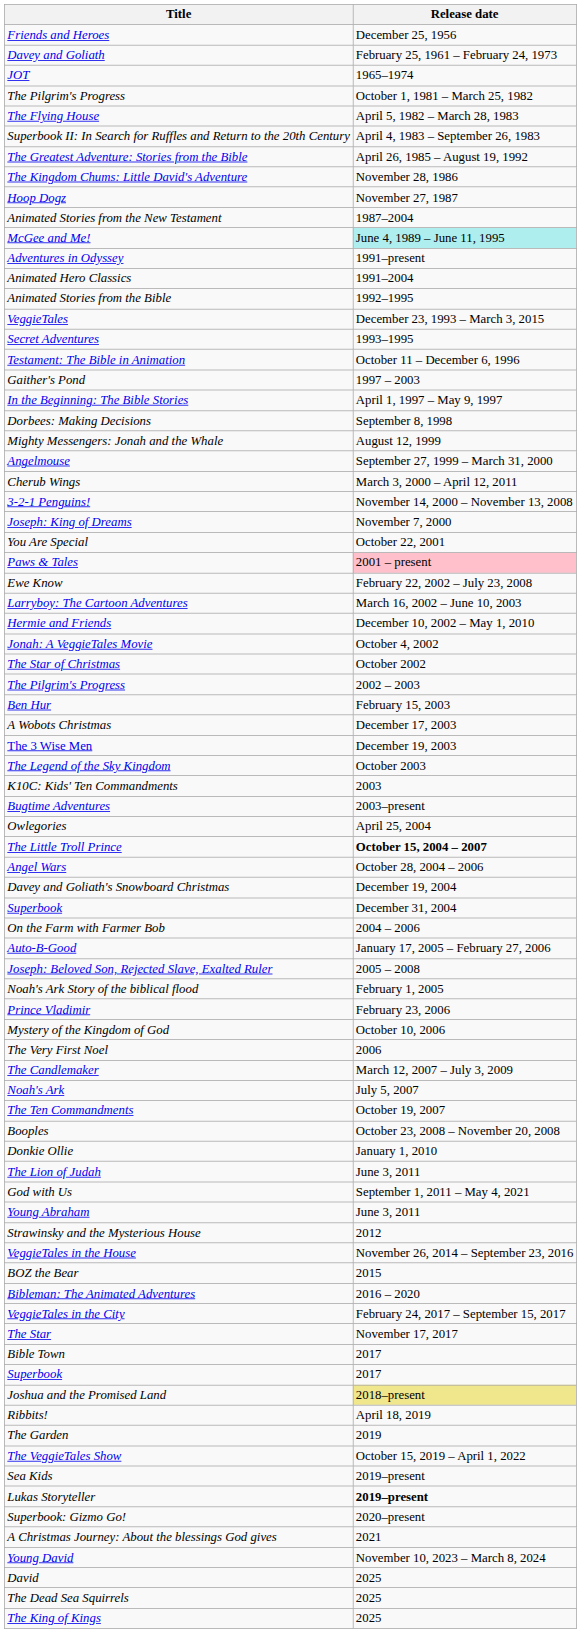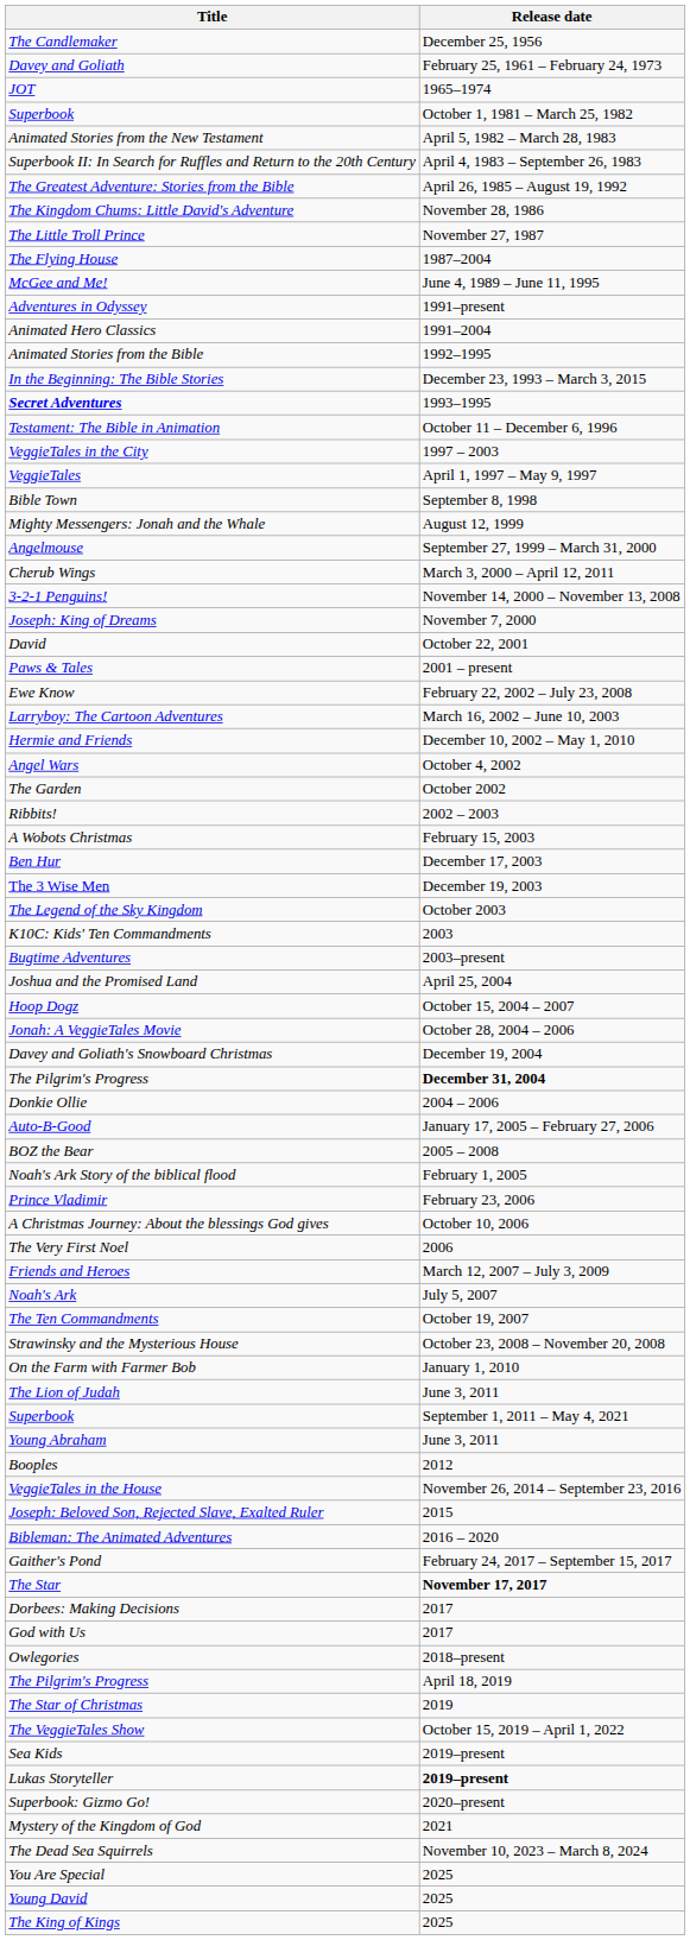 <table class="wikitable sortable">
 <tr>
 <th>Title</th>
 <th>Release date</th>
 </tr>
 <tr>
-<td><em><a href='#'>Friends and Heroes</a></em></td>
+<td><em><a href='#'>The Candlemaker</a></em></td>
 <td>December 25, 1956</td>
 </tr>
 <tr>
 <td><em><a href='#'>Davey and Goliath</a></em></td>
 <td>February 25, 1961 – February 24, 1973</td>
 </tr>
 <tr>
 <td><em><a href='#'>JOT</a></em></td>
 <td>1965–1974</td>
 </tr>
 <tr>
-<td><em>The Pilgrim's Progress</em></td>
+<td><em><a href='#'>Superbook</a></em></td>
 <td>October 1, 1981 – March 25, 1982</td>
 </tr>
 <tr>
-<td><em><a href='#'>The Flying House</a></em></td>
+<td><em>Animated Stories from the New Testament</em></td>
 <td>April 5, 1982 – March 28, 1983</td>
 </tr>
 <tr>
 <td><em>Superbook II: In Search for Ruffles and Return to the 20th Century</em></td>
 <td>April 4, 1983 – September 26, 1983</td>
 </tr>
 <tr>
 <td><em><a href='#'>The Greatest Adventure: Stories from the Bible</a></em></td>
 <td>April 26, 1985 – August 19, 1992</td>
 </tr>
 <tr>
 <td><em><a href='#'>The Kingdom Chums: Little David's Adventure</a></em></td>
 <td>November 28, 1986</td>
 </tr>
 <tr>
-<td><em><a href='#'>Hoop Dogz</a></em></td>
+<td><em><a href='#'>The Little Troll Prince</a></em></td>
 <td>November 27, 1987</td>
 </tr>
 <tr>
-<td><em>Animated Stories from the New Testament</em></td>
+<td><em><a href='#'>The Flying House</a></em></td>
 <td>1987–2004</td>
 </tr>
 <tr>
 <td><em><a href='#'>McGee and Me!</a></em></td>
-<td style="background: paleturquoise;">June 4, 1989 – June 11, 1995</td>
+<td>June 4, 1989 – June 11, 1995</td>
 </tr>
 <tr>
 <td><em><a href='#'>Adventures in Odyssey</a></em></td>
 <td>1991–present</td>
 </tr>
 <tr>
 <td><em>Animated Hero Classics</em></td>
 <td>1991–2004</td>
 </tr>
 <tr>
 <td><em>Animated Stories from the Bible</em></td>
 <td>1992–1995</td>
 </tr>
 <tr>
-<td><em><a href='#'>VeggieTales</a></em></td>
+<td><em><a href='#'>In the Beginning: The Bible Stories</a></em></td>
 <td>December 23, 1993 – March 3, 2015</td>
 </tr>
 <tr>
-<td><em><a href='#'>Secret Adventures</a></em></td>
+<td><strong><em><a href='#'>Secret Adventures</a></em></strong></td>
 <td>1993–1995</td>
 </tr>
 <tr>
 <td><em><a href='#'>Testament: The Bible in Animation</a></em></td>
 <td>October 11 – December 6, 1996</td>
 </tr>
 <tr>
-<td><em>Gaither's Pond</em></td>
+<td><em><a href='#'>VeggieTales in the City</a></em></td>
 <td>1997 – 2003</td>
 </tr>
 <tr>
-<td><em><a href='#'>In the Beginning: The Bible Stories</a></em></td>
+<td><em><a href='#'>VeggieTales</a></em></td>
 <td>April 1, 1997 – May 9, 1997</td>
 </tr>
 <tr>
-<td><em>Dorbees: Making Decisions</em></td>
+<td><em>Bible Town</em></td>
 <td>September 8, 1998</td>
 </tr>
 <tr>
 <td><em>Mighty Messengers: Jonah and the Whale</em></td>
 <td>August 12, 1999</td>
 </tr>
 <tr>
 <td><em><a href='#'>Angelmouse</a></em></td>
 <td>September 27, 1999 – March 31, 2000</td>
 </tr>
 <tr>
 <td><em>Cherub Wings</em></td>
 <td>March 3, 2000 – April 12, 2011</td>
 </tr>
 <tr>
 <td><em><a href='#'>3-2-1 Penguins!</a></em></td>
 <td>November 14, 2000 – November 13, 2008</td>
 </tr>
 <tr>
 <td><em><a href='#'>Joseph: King of Dreams</a></em></td>
 <td>November 7, 2000</td>
 </tr>
 <tr>
-<td><em>You Are Special</em></td>
+<td><em>David</em></td>
 <td>October 22, 2001</td>
 </tr>
 <tr>
 <td><em><a href='#'>Paws & Tales</a></em></td>
-<td style="background: pink;">2001 – present</td>
+<td>2001 – present</td>
 </tr>
 <tr>
 <td><em>Ewe Know</em></td>
 <td>February 22, 2002 – July 23, 2008</td>
 </tr>
 <tr>
 <td><em><a href='#'>Larryboy: The Cartoon Adventures</a></em></td>
 <td>March 16, 2002 – June 10, 2003</td>
 </tr>
 <tr>
 <td><em><a href='#'>Hermie and Friends</a></em></td>
 <td>December 10, 2002 – May 1, 2010</td>
 </tr>
 <tr>
-<td><em><a href='#'>Jonah: A VeggieTales Movie</a></em></td>
+<td><em><a href='#'>Angel Wars</a></em></td>
 <td>October 4, 2002</td>
 </tr>
 <tr>
-<td><em><a href='#'>The Star of Christmas</a></em></td>
+<td><em>The Garden</em></td>
 <td>October 2002</td>
 </tr>
 <tr>
-<td><em><a href='#'>The Pilgrim's Progress</a></em></td>
+<td><em>Ribbits!</em></td>
 <td>2002 – 2003</td>
 </tr>
 <tr>
-<td><em><a href='#'>Ben Hur</a></em></td>
+<td><em>A Wobots Christmas</em></td>
 <td>February 15, 2003</td>
 </tr>
 <tr>
-<td><em>A Wobots Christmas</em></td>
+<td><em><a href='#'>Ben Hur</a></em></td>
 <td>December 17, 2003</td>
 </tr>
 <tr>
 <td><a href='#'>The 3 Wise Men</a></td>
 <td>December 19, 2003</td>
 </tr>
 <tr>
 <td><em><a href='#'>The Legend of the Sky Kingdom</a></em></td>
 <td>October 2003</td>
 </tr>
 <tr>
 <td><em>K10C: Kids' Ten Commandments</em></td>
 <td>2003</td>
 </tr>
 <tr>
 <td><em><a href='#'>Bugtime Adventures</a></em></td>
 <td>2003–present</td>
 </tr>
 <tr>
-<td><em>Owlegories</em></td>
+<td><em>Joshua and the Promised Land</em></td>
 <td>April 25, 2004</td>
 </tr>
 <tr>
-<td><em><a href='#'>The Little Troll Prince</a></em></td>
-<td><strong>October 15, 2004 – 2007</strong></td>
+<td><em><a href='#'>Hoop Dogz</a></em></td>
+<td>October 15, 2004 – 2007</td>
 </tr>
 <tr>
-<td><em><a href='#'>Angel Wars</a></em></td>
+<td><em><a href='#'>Jonah: A VeggieTales Movie</a></em></td>
 <td>October 28, 2004 – 2006</td>
 </tr>
 <tr>
 <td><em>Davey and Goliath's Snowboard Christmas</em></td>
 <td>December 19, 2004</td>
 </tr>
 <tr>
-<td><em><a href='#'>Superbook</a></em></td>
-<td>December 31, 2004</td>
+<td><em>The Pilgrim's Progress</em></td>
+<td><strong>December 31, 2004</strong></td>
 </tr>
 <tr>
-<td><em>On the Farm with Farmer Bob</em></td>
+<td><em>Donkie Ollie</em></td>
 <td>2004 – 2006</td>
 </tr>
 <tr>
 <td><em><a href='#'>Auto-B-Good</a></em></td>
 <td>January 17, 2005 – February 27, 2006</td>
 </tr>
 <tr>
-<td><em><a href='#'>Joseph: Beloved Son, Rejected Slave, Exalted Ruler</a></em></td>
+<td><em>BOZ the Bear</em></td>
 <td>2005 – 2008</td>
 </tr>
 <tr>
 <td><em>Noah's Ark Story of the biblical flood</em></td>
 <td>February 1, 2005</td>
 </tr>
 <tr>
 <td><em><a href='#'>Prince Vladimir</a></em></td>
 <td>February 23, 2006</td>
 </tr>
 <tr>
-<td><em>Mystery of the Kingdom of God</em></td>
+<td><em>A Christmas Journey: About the blessings God gives</em></td>
 <td>October 10, 2006</td>
 </tr>
 <tr>
 <td><em>The Very First Noel</em></td>
 <td>2006</td>
 </tr>
 <tr>
-<td><em><a href='#'>The Candlemaker</a></em></td>
+<td><em><a href='#'>Friends and Heroes</a></em></td>
 <td>March 12, 2007 – July 3, 2009</td>
 </tr>
 <tr>
 <td><em><a href='#'>Noah's Ark</a></em></td>
 <td>July 5, 2007</td>
 </tr>
 <tr>
 <td><em><a href='#'>The Ten Commandments</a></em></td>
 <td>October 19, 2007</td>
 </tr>
 <tr>
-<td><em>Booples</em></td>
+<td><em>Strawinsky and the Mysterious House</em></td>
 <td>October 23, 2008 – November 20, 2008</td>
 </tr>
 <tr>
-<td><em>Donkie Ollie</em></td>
+<td><em>On the Farm with Farmer Bob</em></td>
 <td>January 1, 2010</td>
 </tr>
 <tr>
 <td><em><a href='#'>The Lion of Judah</a></em></td>
 <td>June 3, 2011</td>
 </tr>
 <tr>
-<td><em>God with Us</em></td>
+<td><em><a href='#'>Superbook</a></em></td>
 <td>September 1, 2011 – May 4, 2021</td>
 </tr>
 <tr>
 <td><em><a href='#'>Young Abraham</a></em></td>
 <td>June 3, 2011</td>
 </tr>
 <tr>
-<td><em>Strawinsky and the Mysterious House</em></td>
+<td><em>Booples</em></td>
 <td>2012</td>
 </tr>
 <tr>
 <td><em><a href='#'>VeggieTales in the House</a></em></td>
 <td>November 26, 2014 – September 23, 2016</td>
 </tr>
 <tr>
-<td><em>BOZ the Bear</em></td>
+<td><em><a href='#'>Joseph: Beloved Son, Rejected Slave, Exalted Ruler</a></em></td>
 <td>2015</td>
 </tr>
 <tr>
 <td><em><a href='#'>Bibleman: The Animated Adventures</a></em></td>
 <td>2016 – 2020</td>
 </tr>
 <tr>
-<td><em><a href='#'>VeggieTales in the City</a></em></td>
+<td><em>Gaither's Pond</em></td>
 <td>February 24, 2017 – September 15, 2017</td>
 </tr>
 <tr>
 <td><em><a href='#'>The Star</a></em></td>
-<td>November 17, 2017</td>
+<td><strong>November 17, 2017</strong></td>
 </tr>
 <tr>
-<td><em>Bible Town</em></td>
+<td><em>Dorbees: Making Decisions</em></td>
 <td>2017</td>
 </tr>
 <tr>
-<td><em><a href='#'>Superbook</a></em></td>
+<td><em>God with Us</em></td>
 <td>2017</td>
 </tr>
 <tr>
-<td><em>Joshua and the Promised Land</em></td>
-<td style="background: khaki;">2018–present</td>
+<td><em>Owlegories</em></td>
+<td>2018–present</td>
 </tr>
 <tr>
-<td><em>Ribbits!</em></td>
+<td><em><a href='#'>The Pilgrim's Progress</a></em></td>
 <td>April 18, 2019</td>
 </tr>
 <tr>
-<td><em>The Garden</em></td>
+<td><em><a href='#'>The Star of Christmas</a></em></td>
 <td>2019</td>
 </tr>
 <tr>
 <td><em><a href='#'>The VeggieTales Show</a></em></td>
 <td>October 15, 2019 – April 1, 2022</td>
 </tr>
 <tr>
 <td><em>Sea Kids</em></td>
 <td>2019–present</td>
 </tr>
 <tr>
 <td><em>Lukas Storyteller</em></td>
 <td><strong>2019–present</strong></td>
 </tr>
 <tr>
 <td><em>Superbook: Gizmo Go!</em></td>
 <td>2020–present</td>
 </tr>
 <tr>
-<td><em>A Christmas Journey: About the blessings God gives</em></td>
+<td><em>Mystery of the Kingdom of God</em></td>
 <td>2021</td>
 </tr>
 <tr>
-<td><em><a href='#'>Young David</a></em></td>
+<td><em>The Dead Sea Squirrels</em></td>
 <td>November 10, 2023 – March 8, 2024</td>
 </tr>
 <tr>
-<td><em>David</em></td>
+<td><em>You Are Special</em></td>
 <td>2025</td>
 </tr>
 <tr>
-<td><em>The Dead Sea Squirrels</em></td>
+<td><em><a href='#'>Young David</a></em></td>
 <td>2025</td>
 </tr>
 <tr>
 <td><em><a href='#'>The King of Kings</a></em></td>
 <td>2025</td>
 </tr>
 </table>
